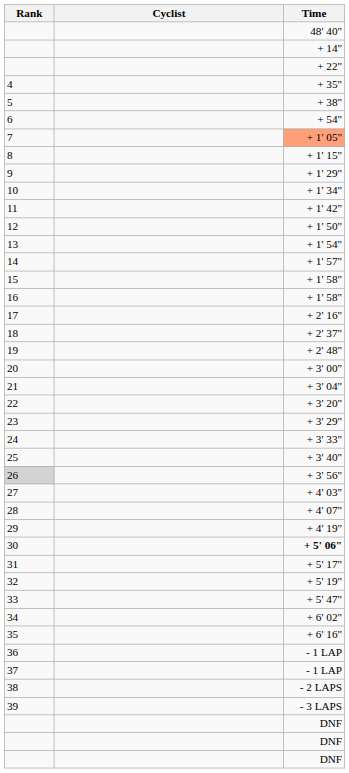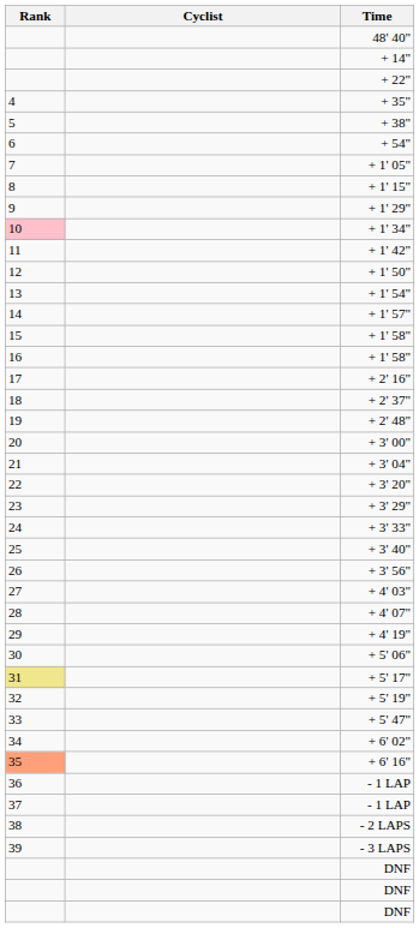 <table class="wikitable">
 <tr>
 <th style="width: 4em;">Rank</th>
 <th style="width: 20em;">Cyclist</th>
 <th style="width: 5em;">Time</th>
 </tr>
 <tr>
 <td></td>
 <td></td>
 <td align="right">48' 40"</td>
 </tr>
 <tr>
 <td></td>
 <td></td>
 <td align="right">+ 14"</td>
 </tr>
 <tr>
 <td></td>
 <td></td>
 <td align="right">+ 22"</td>
 </tr>
 <tr>
 <td>4</td>
 <td></td>
 <td align="right">+ 35"</td>
 </tr>
 <tr>
 <td>5</td>
 <td></td>
 <td align="right">+ 38"</td>
 </tr>
 <tr>
 <td>6</td>
 <td></td>
 <td align="right">+ 54"</td>
 </tr>
 <tr>
 <td>7</td>
 <td></td>
-<td align="right" style="background: lightsalmon;">+ 1' 05"</td>
+<td align="right">+ 1' 05"</td>
 </tr>
 <tr>
 <td>8</td>
 <td></td>
 <td align="right">+ 1' 15"</td>
 </tr>
 <tr>
 <td>9</td>
 <td></td>
 <td align="right">+ 1' 29"</td>
 </tr>
 <tr>
-<td>10</td>
+<td style="background: pink;">10</td>
 <td></td>
 <td align="right">+ 1' 34"</td>
 </tr>
 <tr>
 <td>11</td>
 <td></td>
 <td align="right">+ 1' 42"</td>
 </tr>
 <tr>
 <td>12</td>
 <td></td>
 <td align="right">+ 1' 50"</td>
 </tr>
 <tr>
 <td>13</td>
 <td></td>
 <td align="right">+ 1' 54"</td>
 </tr>
 <tr>
 <td>14</td>
 <td></td>
 <td align="right">+ 1' 57"</td>
 </tr>
 <tr>
 <td>15</td>
 <td></td>
 <td align="right">+ 1' 58"</td>
 </tr>
 <tr>
 <td>16</td>
 <td></td>
 <td align="right">+ 1' 58"</td>
 </tr>
 <tr>
 <td>17</td>
 <td></td>
 <td align="right">+ 2' 16"</td>
 </tr>
 <tr>
 <td>18</td>
 <td></td>
 <td align="right">+ 2' 37"</td>
 </tr>
 <tr>
 <td>19</td>
 <td></td>
 <td align="right">+ 2' 48"</td>
 </tr>
 <tr>
 <td>20</td>
 <td></td>
 <td align="right">+ 3' 00"</td>
 </tr>
 <tr>
 <td>21</td>
 <td></td>
 <td align="right">+ 3' 04"</td>
 </tr>
 <tr>
 <td>22</td>
 <td></td>
 <td align="right">+ 3' 20"</td>
 </tr>
 <tr>
 <td>23</td>
 <td></td>
 <td align="right">+ 3' 29"</td>
 </tr>
 <tr>
 <td>24</td>
 <td></td>
 <td align="right">+ 3' 33"</td>
 </tr>
 <tr>
 <td>25</td>
 <td></td>
 <td align="right">+ 3' 40"</td>
 </tr>
 <tr>
-<td style="background: lightgrey;">26</td>
+<td>26</td>
 <td></td>
 <td align="right">+ 3' 56"</td>
 </tr>
 <tr>
 <td>27</td>
 <td></td>
 <td align="right">+ 4' 03"</td>
 </tr>
 <tr>
 <td>28</td>
 <td></td>
 <td align="right">+ 4' 07"</td>
 </tr>
 <tr>
 <td>29</td>
 <td></td>
 <td align="right">+ 4' 19"</td>
 </tr>
 <tr>
 <td>30</td>
 <td></td>
-<td align="right"><strong>+ 5' 06"</strong></td>
+<td align="right">+ 5' 06"</td>
 </tr>
 <tr>
-<td>31</td>
+<td style="background: khaki;">31</td>
 <td></td>
 <td align="right">+ 5' 17"</td>
 </tr>
 <tr>
 <td>32</td>
 <td></td>
 <td align="right">+ 5' 19"</td>
 </tr>
 <tr>
 <td>33</td>
 <td></td>
 <td align="right">+ 5' 47"</td>
 </tr>
 <tr>
 <td>34</td>
 <td></td>
 <td align="right">+ 6' 02"</td>
 </tr>
 <tr>
-<td>35</td>
+<td style="background: lightsalmon;">35</td>
 <td></td>
 <td align="right">+ 6' 16"</td>
 </tr>
 <tr>
 <td>36</td>
 <td></td>
 <td align="right">- 1 LAP</td>
 </tr>
 <tr>
 <td>37</td>
 <td></td>
 <td align="right">- 1 LAP</td>
 </tr>
 <tr>
 <td>38</td>
 <td></td>
 <td align="right">- 2 LAPS</td>
 </tr>
 <tr>
 <td>39</td>
 <td></td>
 <td align="right">- 3 LAPS</td>
 </tr>
 <tr>
 <td></td>
 <td></td>
 <td align="right">DNF</td>
 </tr>
 <tr>
 <td></td>
 <td></td>
 <td align="right">DNF</td>
 </tr>
 <tr>
 <td></td>
 <td></td>
 <td align="right">DNF</td>
 </tr>
 </table>
